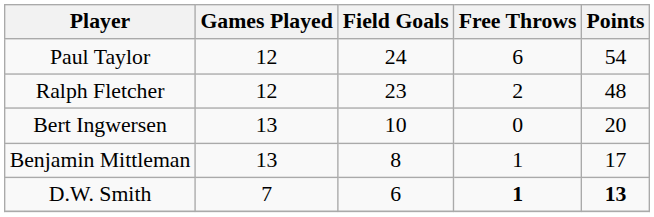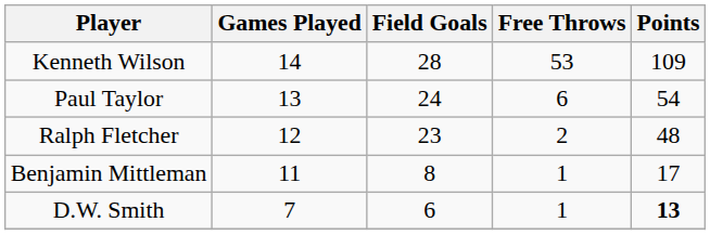 <table class="wikitable sortable">
 <tr>
 <th>Player</th>
 <th>Games Played</th>
 <th>Field Goals</th>
 <th>Free Throws</th>
 <th>Points</th>
 </tr>
 <tr align="center" bgcolor="">
+<td>Kenneth Wilson</td>
+<td>14</td>
+<td>28</td>
+<td>53</td>
+<td>109</td>
+</tr>
+<tr align="center" bgcolor="">
 <td>Paul Taylor</td>
-<td>12</td>
+<td>13</td>
 <td>24</td>
 <td>6</td>
 <td>54</td>
 </tr>
 <tr align="center" bgcolor="">
 <td>Ralph Fletcher</td>
 <td>12</td>
 <td>23</td>
 <td>2</td>
 <td>48</td>
 </tr>
 <tr align="center" bgcolor="">
-<td>Bert Ingwersen</td>
-<td>13</td>
-<td>10</td>
-<td>0</td>
-<td>20</td>
-</tr>
-<tr align="center" bgcolor="">
 <td>Benjamin Mittleman</td>
-<td>13</td>
+<td>11</td>
 <td>8</td>
 <td>1</td>
 <td>17</td>
 </tr>
 <tr align="center" bgcolor="">
 <td>D.W. Smith</td>
 <td>7</td>
 <td>6</td>
-<td><strong>1</strong></td>
+<td>1</td>
 <td><strong>13</strong></td>
 </tr>
 <tr align="center" bgcolor="">
 </tr>
 </table>
